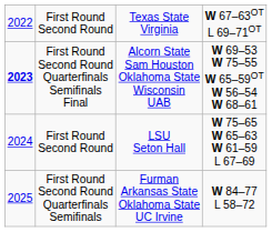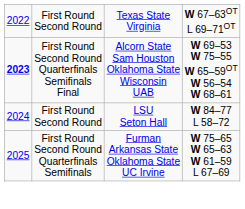 <table class="wikitable">
 <tr align="center">
 <td><a href='#'>2022</a></td>
 <td>First Round<br>Second Round</td>
 <td><a href='#'>Texas State</a><br><a href='#'>Virginia</a></td>
 <td><strong>W</strong> 67–63<sup>OT</sup><br>L 69–71<sup>OT</sup></td>
 </tr>
 <tr align="center">
 <td><strong><a href='#'>2023</a></strong></td>
 <td>First Round<br>Second Round<br>Quarterfinals<br>Semifinals<br>Final</td>
 <td><a href='#'>Alcorn State</a><br><a href='#'>Sam Houston</a><br><a href='#'>Oklahoma State</a><br><a href='#'>Wisconsin</a><br><a href='#'>UAB</a></td>
 <td><strong>W</strong> 69–53<br> <strong>W</strong> 75–55<br><strong>W</strong> 65–59<sup>OT</sup><br><strong>W</strong> 56–54<br><strong>W</strong> 68–61</td>
 </tr>
 <tr align="center">
 <td><a href='#'>2024</a></td>
 <td>First Round<br>Second Round</td>
 <td><a href='#'>LSU</a><br><a href='#'>Seton Hall</a></td>
-<td><strong>W</strong> 75–65<br> <strong>W</strong> 65–63<br> <strong>W</strong> 61–59<br>  L 67–69</td>
+<td><strong>W</strong> 84–77<br>L 58–72</td>
 </tr>
 <tr align="center">
 <td><a href='#'>2025</a></td>
 <td>First Round<br>Second Round<br>Quarterfinals<br>Semifinals</td>
 <td><a href='#'>Furman</a><br><a href='#'>Arkansas State</a><br><a href='#'>Oklahoma State</a><br><a href='#'>UC Irvine</a></td>
-<td><strong>W</strong> 84–77<br>L 58–72</td>
+<td><strong>W</strong> 75–65<br> <strong>W</strong> 65–63<br> <strong>W</strong> 61–59<br>  L 67–69</td>
 </tr>
 </table>
